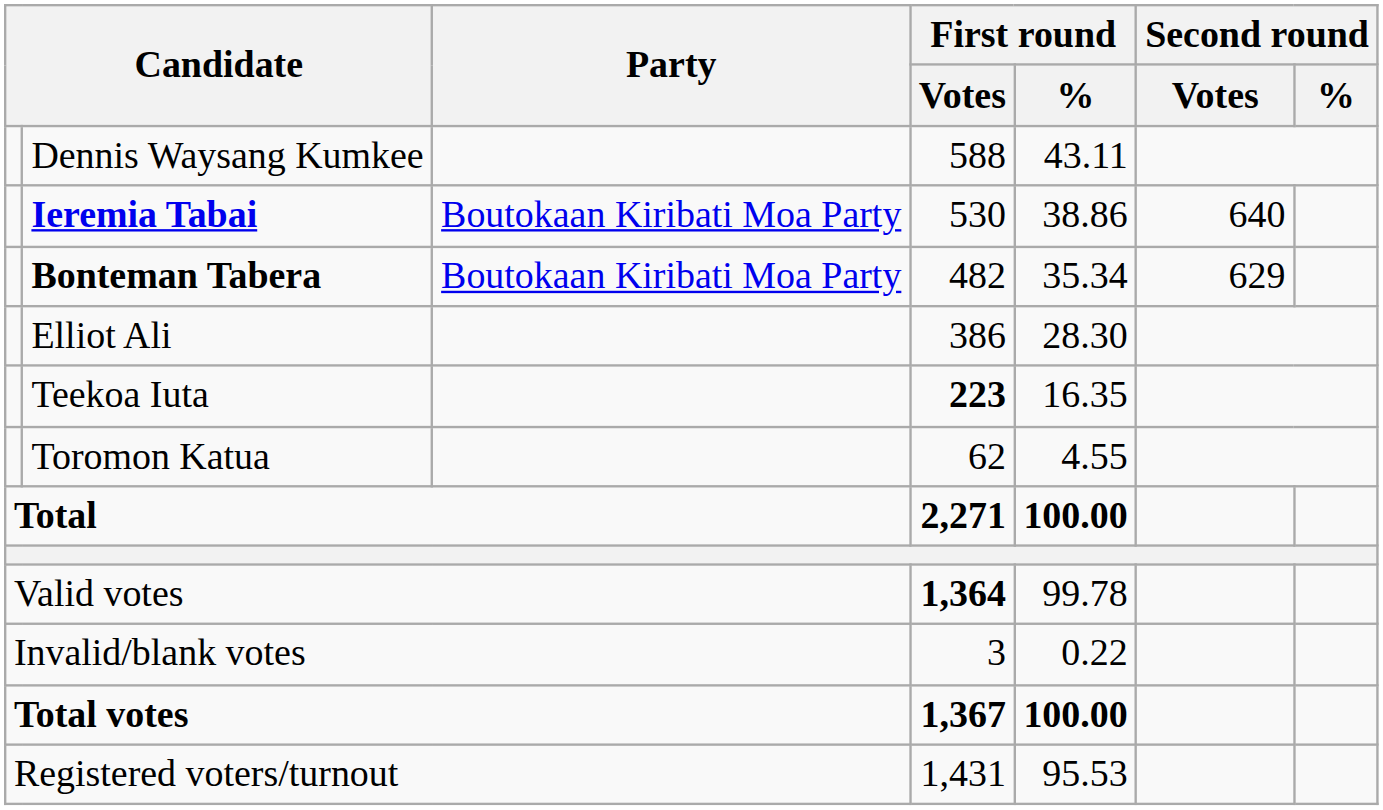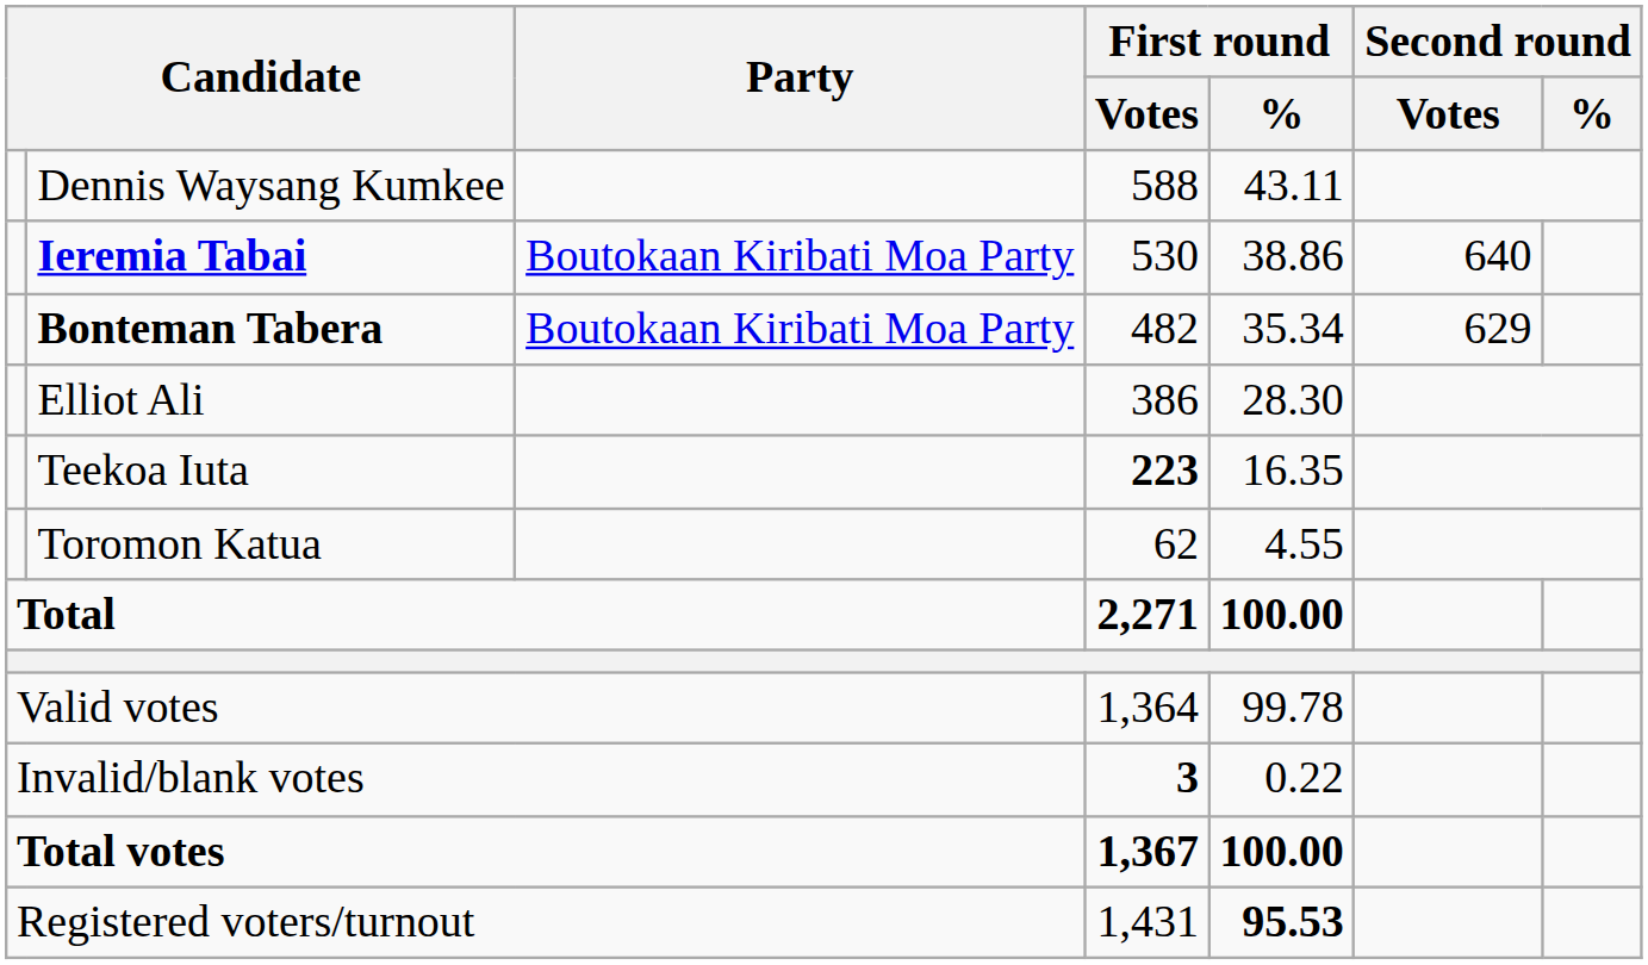 <table class=wikitable style=text-align:right>
 <tr>
 <th colspan=2 rowspan=2>Candidate</th>
 <th rowspan=2>Party</th>
 <th colspan=2>First round</th>
 <th colspan=2>Second round</th>
 </tr>
 <tr>
 <th>Votes</th>
 <th>%</th>
 <th>Votes</th>
 <th>%</th>
 </tr>
 <tr>
 <td></td>
 <td align=left>Dennis Waysang Kumkee</td>
 <td></td>
 <td>588</td>
 <td>43.11</td>
 <td align=center colspan=2></td>
 </tr>
 <tr>
 <td bgcolor=></td>
 <td align=left><strong><a href='#'>Ieremia Tabai</a></strong></td>
 <td align=left><a href='#'>Boutokaan Kiribati Moa Party</a></td>
 <td>530</td>
 <td>38.86</td>
 <td>640</td>
 <td></td>
 </tr>
 <tr>
 <td bgcolor=></td>
 <td align=left><strong>Bonteman Tabera</strong></td>
 <td align=left><a href='#'>Boutokaan Kiribati Moa Party</a></td>
 <td>482</td>
 <td>35.34</td>
 <td>629</td>
 <td></td>
 </tr>
 <tr>
 <td></td>
 <td align=left>Elliot Ali</td>
 <td></td>
 <td>386</td>
 <td>28.30</td>
 <td align=center colspan=2></td>
 </tr>
 <tr>
 <td></td>
 <td align=left>Teekoa Iuta</td>
 <td></td>
 <td><strong>223</strong></td>
 <td>16.35</td>
 <td colspan=2></td>
 </tr>
 <tr>
 <td></td>
 <td align=left>Toromon Katua</td>
 <td></td>
 <td>62</td>
 <td>4.55</td>
 <td colspan=2></td>
 </tr>
 <tr style="font-weight:bold">
 <td colspan=3 align=left>Total</td>
 <td>2,271</td>
 <td>100.00</td>
 <td></td>
 <td></td>
 </tr>
 <tr>
 <th colspan=7></th>
 </tr>
 <tr>
 <td colspan=3 align=left>Valid votes</td>
-<td><strong>1,364</strong></td>
+<td>1,364</td>
 <td>99.78</td>
 <td></td>
 <td></td>
 </tr>
 <tr>
 <td colspan=3 align=left>Invalid/blank votes</td>
-<td>3</td>
+<td><strong>3</strong></td>
 <td>0.22</td>
 <td></td>
 <td></td>
 </tr>
 <tr style="font-weight:bold">
 <td colspan=3 align=left>Total votes</td>
 <td>1,367</td>
 <td>100.00</td>
 <td></td>
 <td></td>
 </tr>
 <tr>
 <td colspan=3 align=left>Registered voters/turnout</td>
 <td>1,431</td>
-<td>95.53</td>
+<td><strong>95.53</strong></td>
 <td></td>
 <td></td>
 </tr>
 </table>
